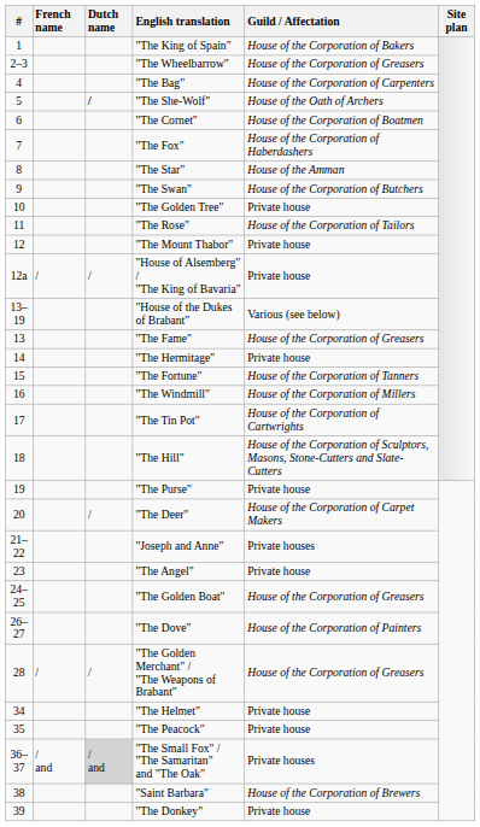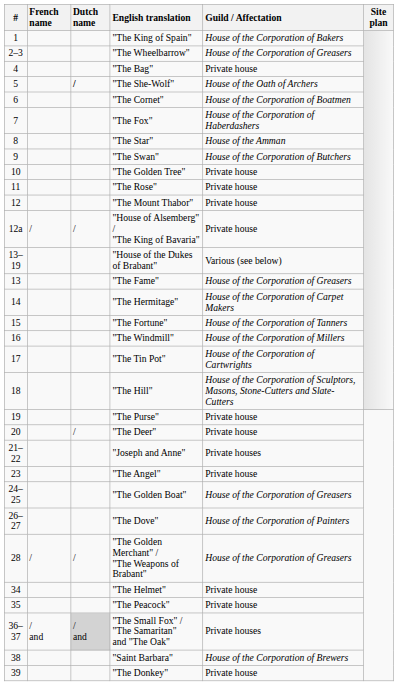 <table class="wikitable"  style="font-size:94%;">
 <tr>
 <th>#</th>
 <th style="text-align:left">French name</th>
 <th style="text-align:left">Dutch name</th>
 <th style="text-align:left">English translation</th>
 <th style="text-align:left">Guild / Affectation</th>
 <th>Site plan</th>
 </tr>
 <tr>
 <td style="text-align:center;">1</td>
 <td><strong></strong></td>
 <td><strong></strong></td>
 <td>"The King of Spain"</td>
 <td><em>House of the Corporation of Bakers</em></td>
 <th rowspan=19 style="padding:10px; background-image: linear-gradient(to right, #e4e4e4, #f9f9f9);"></th>
 </tr>
 <tr>
 <td style="text-align:center;">2–3</td>
 <td><strong></strong></td>
 <td><strong></strong></td>
 <td>"The Wheelbarrow"</td>
 <td><em>House of the Corporation of Greasers</em></td>
 </tr>
 <tr>
 <td style="text-align:center;">4</td>
 <td><strong></strong></td>
 <td><strong></strong></td>
 <td>"The Bag"</td>
-<td><em>House of the Corporation of Carpenters</em></td>
+<td>Private house</td>
 </tr>
 <tr>
 <td style="text-align:center;">5</td>
 <td><strong></strong></td>
 <td><strong> / </strong></td>
 <td>"The She-Wolf"</td>
 <td><em>House of the Oath of Archers</em></td>
 </tr>
 <tr>
 <td style="text-align:center;">6</td>
 <td><strong></strong></td>
 <td><strong></strong></td>
 <td>"The Cornet"</td>
 <td><em>House of the Corporation of Boatmen</em></td>
 </tr>
 <tr>
 <td style="text-align:center;">7</td>
 <td><strong></strong></td>
 <td><strong></strong></td>
 <td>"The Fox"</td>
 <td><em>House of the Corporation of Haberdashers</em></td>
 </tr>
 <tr>
 <td style="text-align:center;">8</td>
 <td><strong></strong></td>
 <td><strong></strong></td>
 <td>"The Star"</td>
 <td><em>House of the Amman</em></td>
 </tr>
 <tr>
 <td style="text-align:center;">9</td>
 <td><strong></strong></td>
 <td><strong></strong></td>
 <td>"The Swan"</td>
 <td><em>House of the Corporation of Butchers</em></td>
 </tr>
 <tr>
 <td style="text-align:center;">10</td>
 <td><strong></strong></td>
 <td><strong></strong></td>
 <td>"The Golden Tree"</td>
 <td>Private house</td>
 </tr>
 <tr>
 <td style="text-align:center;">11</td>
 <td><strong></strong></td>
 <td><strong></strong></td>
 <td>"The Rose"</td>
-<td><em>House of the Corporation of Tailors</em></td>
+<td>Private house</td>
 </tr>
 <tr>
 <td style="text-align:center;">12</td>
 <td><strong></strong></td>
 <td><strong></strong></td>
 <td>"The Mount Thabor"</td>
 <td>Private house</td>
 </tr>
 <tr>
 <td style="text-align:center;">12a</td>
 <td><strong></strong> /<br><strong></strong></td>
 <td><strong></strong> /<br><strong></strong></td>
 <td>"House of Alsemberg" /<br> "The King of Bavaria"</td>
 <td>Private house</td>
 </tr>
 <tr>
 <td style="text-align:center;">13–19</td>
 <td><strong></strong></td>
 <td><strong></strong></td>
 <td>"House of the Dukes of Brabant"</td>
 <td>Various (see below)</td>
 </tr>
 <tr>
 <td style="text-align:center;">13</td>
 <td><strong></strong></td>
 <td><strong></strong></td>
 <td>"The Fame"</td>
 <td><em>House of the Corporation of Greasers</em></td>
 </tr>
 <tr>
 <td style="text-align:center;">14</td>
 <td><strong></strong></td>
 <td><strong></strong></td>
 <td>"The Hermitage"</td>
-<td>Private house</td>
+<td><em>House of the Corporation of Carpet Makers</em></td>
 </tr>
 <tr>
 <td style="text-align:center;">15</td>
 <td><strong></strong></td>
 <td><strong></strong></td>
 <td>"The Fortune"</td>
 <td><em>House of the Corporation of Tanners</em></td>
 </tr>
 <tr>
 <td style="text-align:center;">16</td>
 <td><strong></strong></td>
 <td><strong></strong></td>
 <td>"The Windmill"</td>
 <td><em>House of the Corporation of Millers</em></td>
 </tr>
 <tr>
 <td style="text-align:center;">17</td>
 <td><strong></strong></td>
 <td><strong></strong></td>
 <td>"The Tin Pot"</td>
 <td><em>House of the Corporation of Cartwrights</em></td>
 </tr>
 <tr>
 <td style="text-align:center;">18</td>
 <td><strong></strong></td>
 <td><strong></strong></td>
 <td>"The Hill"</td>
 <td><em>House of the Corporation of Sculptors, Masons, Stone-Cutters and Slate-Cutters</em></td>
 </tr>
 <tr>
 <td style="text-align:center;">19</td>
 <td><strong></strong></td>
 <td><strong></strong></td>
 <td>"The Purse"</td>
 <td>Private house</td>
 </tr>
 <tr>
 <td style="text-align:center;">20</td>
 <td><strong></strong></td>
 <td><strong></strong> / <strong></strong></td>
 <td>"The Deer"</td>
-<td><em>House of the Corporation of Carpet Makers</em></td>
+<td>Private house</td>
 </tr>
 <tr>
 <td style="text-align:center;">21–22</td>
 <td><strong></strong></td>
 <td><strong></strong></td>
 <td>"Joseph and Anne"</td>
 <td>Private houses</td>
 </tr>
 <tr>
 <td style="text-align:center;">23</td>
 <td><strong></strong></td>
 <td><strong></strong></td>
 <td>"The Angel"</td>
 <td>Private house</td>
 </tr>
 <tr>
 <td style="text-align:center;">24–25</td>
 <td><strong></strong></td>
 <td><strong></strong></td>
 <td>"The Golden Boat"</td>
 <td><em>House of the Corporation of Greasers</em></td>
 </tr>
 <tr>
 <td style="text-align:center;">26–27</td>
 <td><strong></strong></td>
 <td><strong></strong></td>
 <td>"The Dove"</td>
 <td><em>House of the Corporation of Painters</em></td>
 </tr>
 <tr>
 <td style="text-align:center;">28</td>
 <td><strong></strong> /<br> <strong></strong></td>
 <td><strong></strong> /<br> <strong></strong></td>
 <td>"The Golden Merchant" /<br> "The Weapons of Brabant"</td>
 <td><em>House of the Corporation of Greasers</em></td>
 </tr>
 <tr>
 <td style="text-align:center;">34</td>
 <td><strong></strong></td>
 <td><strong></strong></td>
 <td>"The Helmet"</td>
 <td>Private house</td>
 </tr>
 <tr>
 <td style="text-align:center;">35</td>
 <td><strong></strong></td>
 <td><strong></strong></td>
 <td>"The Peacock"</td>
 <td>Private house</td>
 </tr>
 <tr>
 <td style="text-align:center;">36–37</td>
 <td><strong></strong> / <strong></strong> <br>and <strong></strong></td>
 <td style="background: lightgrey;"><strong></strong> / <strong></strong> <br>and <strong></strong></td>
 <td>"The Small Fox" / "The Samaritan" <br>and "The Oak"</td>
 <td>Private houses</td>
 </tr>
 <tr>
 <td style="text-align:center;">38</td>
 <td><strong></strong></td>
 <td><strong></strong></td>
 <td>"Saint Barbara"</td>
 <td><em>House of the Corporation of Brewers</em></td>
 </tr>
 <tr>
 <td style="text-align:center;">39</td>
 <td><strong></strong></td>
 <td><strong></strong></td>
 <td>"The Donkey"</td>
 <td>Private house</td>
 </tr>
 </table>
